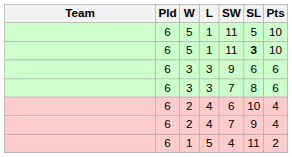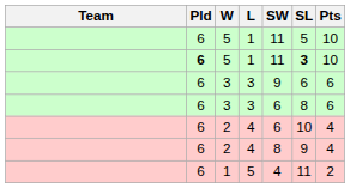 <table class=wikitable style="text-align:center">
 <tr>
 <th width=200>Team</th>
 <th width=20>Pld</th>
 <th width=20>W</th>
 <th width=20>L</th>
 <th width=20>SW</th>
 <th width=20>SL</th>
 <th width=20>Pts</th>
 </tr>
 <tr bgcolor=#ccffcc>
 <td align=left></td>
 <td>6</td>
 <td>5</td>
 <td>1</td>
 <td>11</td>
 <td>5</td>
 <td>10</td>
 </tr>
 <tr bgcolor=#ccffcc>
 <td align=left></td>
-<td>6</td>
+<td><strong>6</strong></td>
 <td>5</td>
 <td>1</td>
 <td>11</td>
 <td><strong>3</strong></td>
 <td>10</td>
 </tr>
 <tr bgcolor=#ccffcc>
 <td align=left></td>
 <td>6</td>
 <td>3</td>
 <td>3</td>
 <td>9</td>
 <td>6</td>
 <td>6</td>
 </tr>
 <tr bgcolor=#ccffcc>
 <td align=left></td>
 <td>6</td>
 <td>3</td>
 <td>3</td>
-<td>7</td>
+<td>6</td>
 <td>8</td>
 <td>6</td>
 </tr>
 <tr bgcolor=#ffcccc>
 <td align=left></td>
 <td>6</td>
 <td>2</td>
 <td>4</td>
 <td>6</td>
 <td>10</td>
 <td>4</td>
 </tr>
 <tr bgcolor=#ffcccc>
 <td align=left></td>
 <td>6</td>
 <td>2</td>
 <td>4</td>
-<td>7</td>
+<td>8</td>
 <td>9</td>
 <td>4</td>
 </tr>
 <tr bgcolor=#ffcccc>
 <td align=left></td>
 <td>6</td>
 <td>1</td>
 <td>5</td>
 <td>4</td>
 <td>11</td>
 <td>2</td>
 </tr>
 </table>
